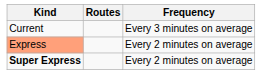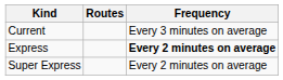 <table class="wikitable" style="margin-left: auto; margin-right: auto; border: none;">
 <tr>
 <th>Kind</th>
 <th>Routes</th>
 <th>Frequency</th>
 </tr>
 <tr>
 <td>Current</td>
 <td></td>
 <td>Every 3 minutes on average</td>
 </tr>
 <tr>
-<td style="background: lightsalmon;">Express</td>
+<td>Express</td>
 <td> </td>
-<td>Every 2 minutes on average</td>
+<td><strong>Every 2 minutes on average</strong></td>
 </tr>
 <tr>
-<td><strong>Super Express</strong></td>
+<td>Super Express</td>
 <td> </td>
 <td>Every 2 minutes on average</td>
 </tr>
 </table>
